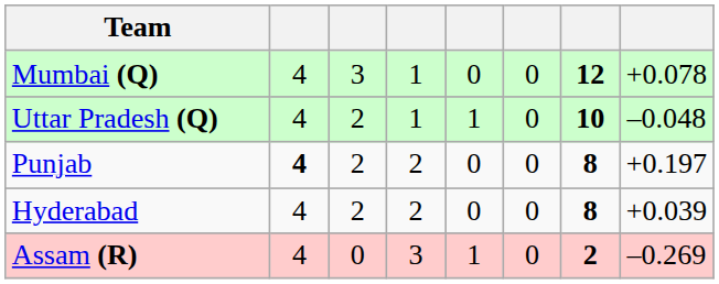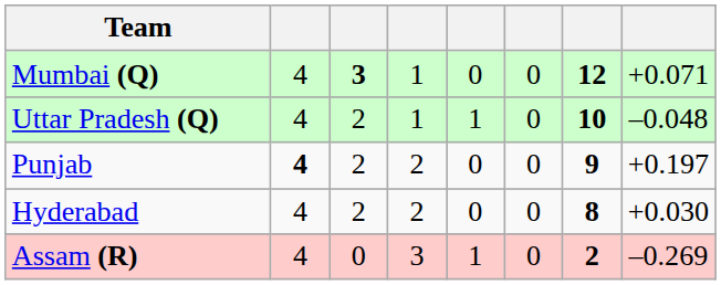 <table class="wikitable" style="text-align:center">
 <tr>
 <th style="width:140px;">Team</th>
 <th style="width:25px;"></th>
 <th style="width:25px;"></th>
 <th style="width:25px;"></th>
 <th style="width:25px;"></th>
 <th style="width:25px;"></th>
 <th style="width:25px;"></th>
 <th style="width:40px;"></th>
 </tr>
 <tr style="background:#cfc;">
 <td style="text-align:left"><a href='#'>Mumbai</a> <strong>(Q)</strong></td>
 <td>4</td>
-<td>3</td>
+<td><strong>3</strong></td>
 <td>1</td>
 <td>0</td>
 <td>0</td>
 <td><strong>12</strong></td>
-<td>+0.078</td>
+<td>+0.071</td>
 </tr>
 <tr style="background:#cfc;">
 <td style="text-align:left"><a href='#'>Uttar Pradesh</a> <strong>(Q)</strong></td>
 <td>4</td>
 <td>2</td>
 <td>1</td>
 <td>1</td>
 <td>0</td>
 <td><strong>10</strong></td>
 <td>–0.048</td>
 </tr>
 <tr>
 <td style="text-align:left"><a href='#'>Punjab</a></td>
 <td><strong>4</strong></td>
 <td>2</td>
 <td>2</td>
 <td>0</td>
 <td>0</td>
-<td><strong>8</strong></td>
+<td><strong>9</strong></td>
 <td>+0.197</td>
 </tr>
 <tr>
 <td style="text-align:left"><a href='#'>Hyderabad</a></td>
 <td>4</td>
 <td>2</td>
 <td>2</td>
 <td>0</td>
 <td>0</td>
 <td><strong>8</strong></td>
-<td>+0.039</td>
+<td>+0.030</td>
 </tr>
 <tr style="background:#FFCCCC">
 <td style="text-align:left"><a href='#'>Assam</a> <strong>(R)</strong></td>
 <td>4</td>
 <td>0</td>
 <td>3</td>
 <td>1</td>
 <td>0</td>
 <td><strong>2</strong></td>
 <td>–0.269</td>
 </tr>
 </table>
